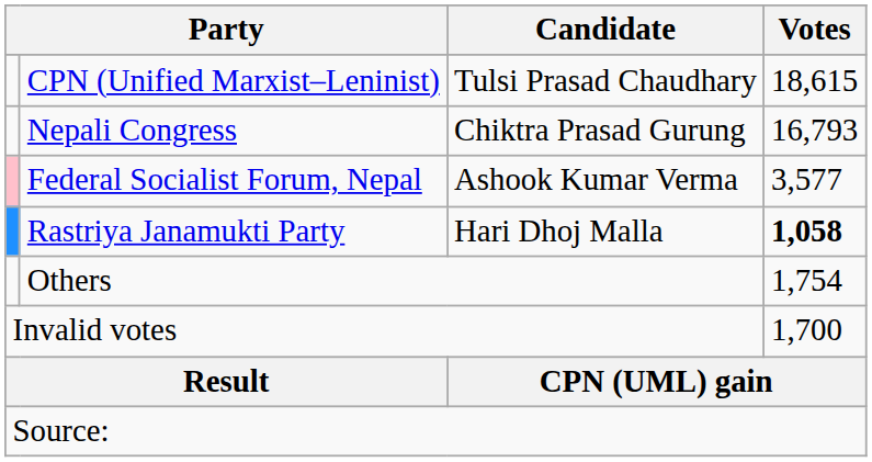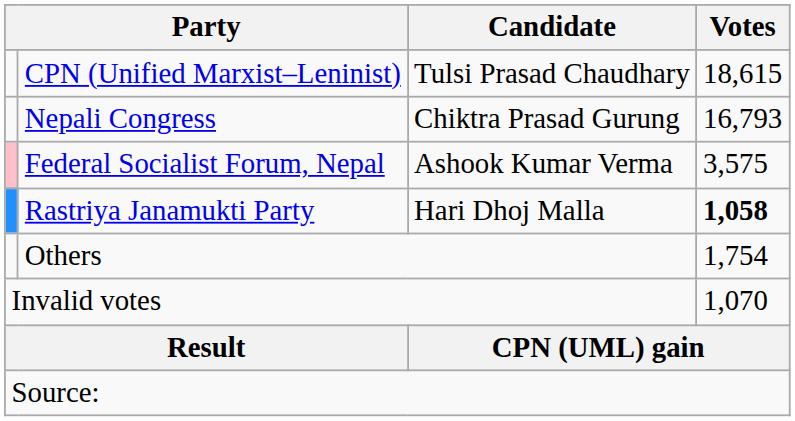 <table class="wikitable">
 <tr>
 <th colspan="2">Party</th>
 <th>Candidate</th>
 <th>Votes</th>
 </tr>
 <tr>
 <td style="background-color:"></td>
 <td><a href='#'>CPN (Unified Marxist–Leninist)</a></td>
 <td>Tulsi Prasad Chaudhary</td>
 <td>18,615</td>
 </tr>
 <tr>
 <td style="background-color:"></td>
 <td><a href='#'>Nepali Congress</a></td>
 <td>Chiktra Prasad Gurung</td>
 <td>16,793</td>
 </tr>
 <tr>
 <td style="background-color:pink"></td>
 <td><a href='#'>Federal Socialist Forum, Nepal</a></td>
 <td>Ashook Kumar Verma</td>
-<td>3,577</td>
+<td>3,575</td>
 </tr>
 <tr>
 <td style="background-color:dodgerblue"></td>
 <td><a href='#'>Rastriya Janamukti Party</a></td>
 <td>Hari Dhoj Malla</td>
 <td><strong>1,058</strong></td>
 </tr>
 <tr>
 <td></td>
 <td colspan="2">Others</td>
 <td>1,754</td>
 </tr>
 <tr>
 <td colspan="3">Invalid votes</td>
-<td>1,700</td>
+<td>1,070</td>
 </tr>
 <tr>
 <th colspan="2">Result</th>
 <th colspan="2">CPN (UML) gain</th>
 </tr>
 <tr>
 <td colspan="4">Source: </td>
 </tr>
 </table>
